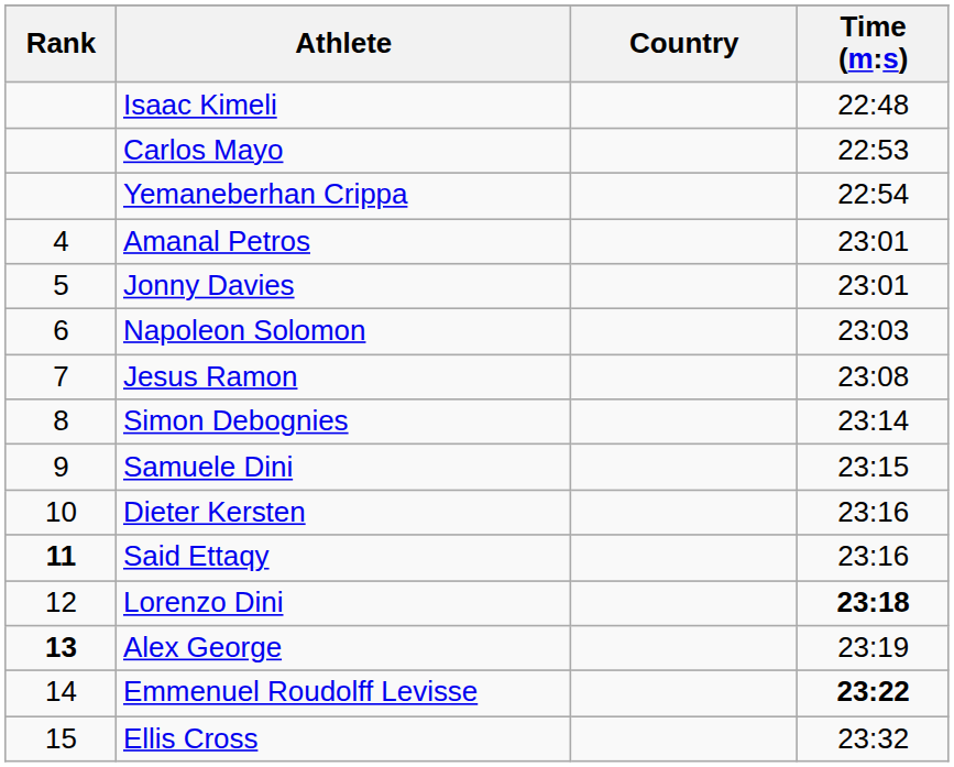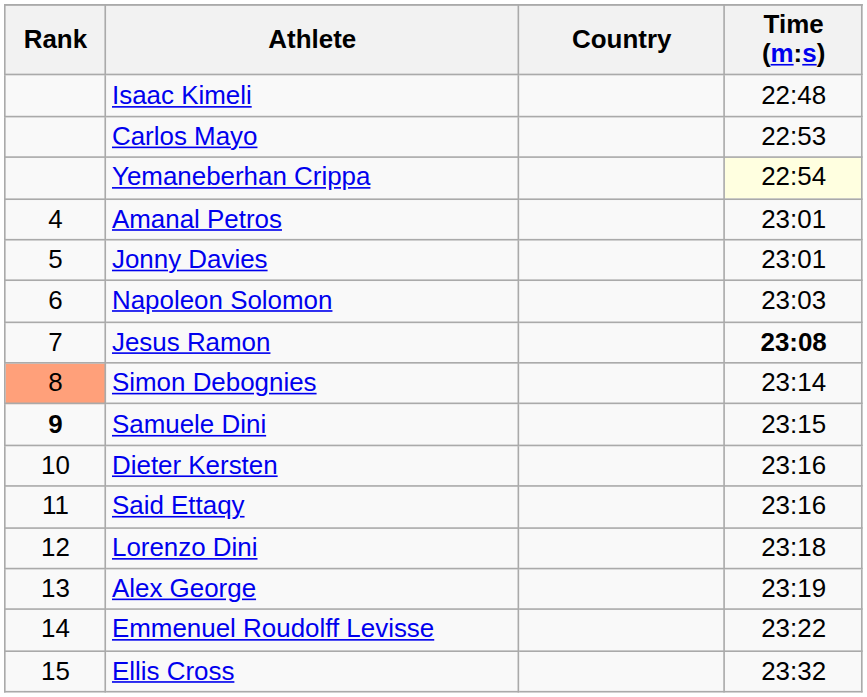 <table class="wikitable" style="text-align:center;" width="60%">
 <tr>
 </tr>
 <tr>
 <th width=5%>Rank</th>
 <th width=30%>Athlete</th>
 <th width=15%>Country</th>
 <th width=10%>Time (<a href='#'>m</a>:<a href='#'>s</a>)</th>
 </tr>
 <tr>
 <td></td>
 <td align=left><a href='#'>Isaac Kimeli</a></td>
 <td align=left></td>
 <td>22:48</td>
 </tr>
 <tr>
 <td></td>
 <td align=left><a href='#'>Carlos Mayo</a></td>
 <td align=left></td>
 <td>22:53</td>
 </tr>
 <tr>
 <td></td>
 <td align=left><a href='#'>Yemaneberhan Crippa</a></td>
 <td align=left></td>
-<td>22:54</td>
+<td style="background: lightyellow;">22:54</td>
 </tr>
 <tr>
 <td>4</td>
 <td align=left><a href='#'>Amanal Petros</a></td>
 <td align=left></td>
 <td>23:01</td>
 </tr>
 <tr>
 <td>5</td>
 <td align=left><a href='#'>Jonny Davies</a></td>
 <td align=left></td>
 <td>23:01</td>
 </tr>
 <tr>
 <td>6</td>
 <td align=left><a href='#'>Napoleon Solomon</a></td>
 <td align=left></td>
 <td>23:03</td>
 </tr>
 <tr>
 <td>7</td>
 <td align=left><a href='#'>Jesus Ramon</a></td>
 <td align=left></td>
-<td>23:08</td>
+<td><strong>23:08</strong></td>
 </tr>
 <tr>
-<td>8</td>
+<td style="background: lightsalmon;">8</td>
 <td align=left><a href='#'>Simon Debognies</a></td>
 <td align=left></td>
 <td>23:14</td>
 </tr>
 <tr>
-<td>9</td>
+<td><strong>9</strong></td>
 <td align=left><a href='#'>Samuele Dini</a></td>
 <td align=left></td>
 <td>23:15</td>
 </tr>
 <tr>
 <td>10</td>
 <td align=left><a href='#'>Dieter Kersten</a></td>
 <td align=left></td>
 <td>23:16</td>
 </tr>
 <tr>
-<td><strong>11</strong></td>
+<td>11</td>
 <td align=left><a href='#'>Said Ettaqy</a></td>
 <td align=left></td>
 <td>23:16</td>
 </tr>
 <tr>
 <td>12</td>
 <td align=left><a href='#'>Lorenzo Dini</a></td>
 <td align=left></td>
-<td><strong>23:18</strong></td>
+<td>23:18</td>
 </tr>
 <tr>
-<td><strong>13</strong></td>
+<td>13</td>
 <td align=left><a href='#'>Alex George</a></td>
 <td align=left></td>
 <td>23:19</td>
 </tr>
 <tr>
 <td>14</td>
 <td align=left><a href='#'>Emmenuel Roudolff Levisse</a></td>
 <td align=left></td>
-<td><strong>23:22</strong></td>
+<td>23:22</td>
 </tr>
 <tr>
 <td>15</td>
 <td align=left><a href='#'>Ellis Cross</a></td>
 <td align=left></td>
 <td>23:32</td>
 </tr>
 </table>
